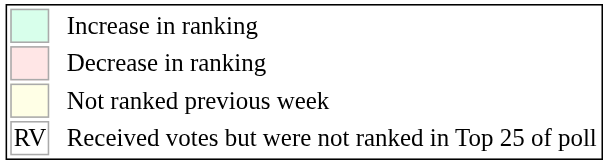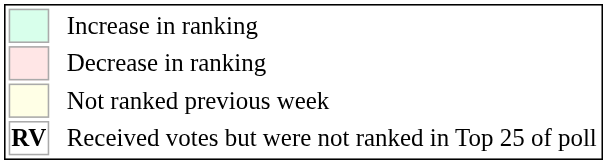 <table style="border:1px solid black; float:right;">
 <tr>
 <td style="background:#d8ffeb; width:20px; border:1px solid #aaa;"> </td>
 <td rowspan=5> </td>
 <td>Increase in ranking</td>
 </tr>
 <tr>
 <td style="background:#ffe6e6; width:20px; border:1px solid #aaa;"> </td>
 <td>Decrease in ranking</td>
 </tr>
 <tr>
 <td style="background:#ffffe6; width:20px; border:1px solid #aaa;"> </td>
 <td>Not ranked previous week</td>
 </tr>
 <tr>
-<td style="text-align:center; width:20px; border:1px solid #aaa; background:white;">RV</td>
+<td style="text-align:center; width:20px; border:1px solid #aaa; background:white;"><strong>RV</strong></td>
 <td>Received votes but were not ranked in Top 25 of poll</td>
 </tr>
 </table>
